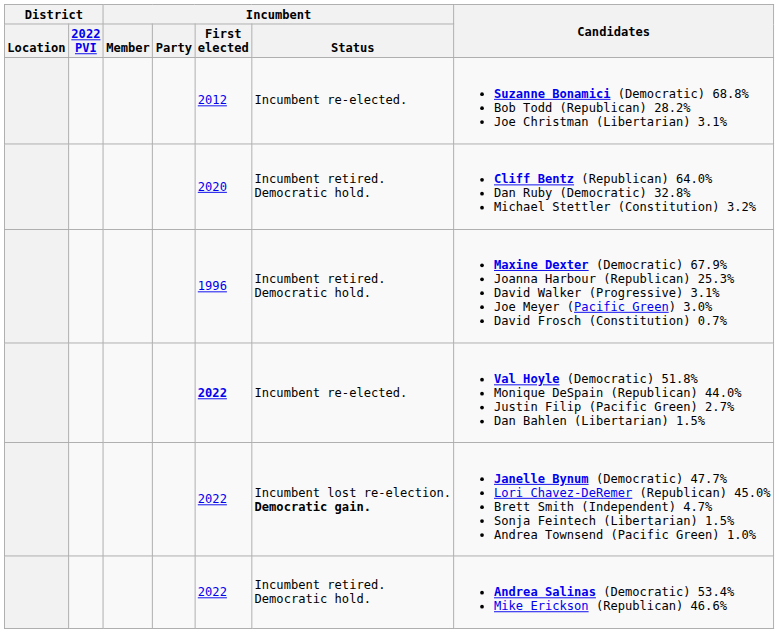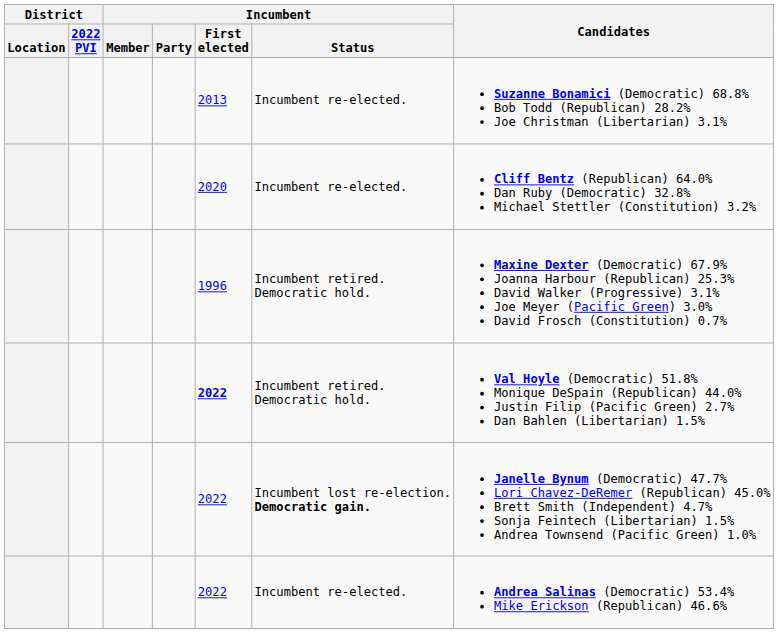 <table class="wikitable sortable">
 <tr>
 <th colspan=2>District</th>
 <th colspan=4>Incumbent</th>
 <th rowspan=2 class="unsortable">Candidates</th>
 </tr>
 <tr valign=bottom>
 <th>Location</th>
 <th><a href='#'>2022<br>PVI</a></th>
 <th>Member</th>
 <th>Party</th>
 <th>First<br>elected</th>
 <th>Status</th>
 </tr>
 <tr>
 <th></th>
 <td></td>
 <td></td>
 <td></td>
-<td><a href='#'>2012 </a></td>
+<td><a href='#'>2013 </a></td>
 <td>Incumbent re-elected.</td>
 <td nowrap><br><ul><li> <strong><a href='#'>Suzanne Bonamici</a></strong> (Democratic) 68.8%</li><li>Bob Todd (Republican) 28.2%</li><li>Joe Christman (Libertarian) 3.1%</li></ul></td>
 </tr>
 <tr>
 <th></th>
 <td></td>
 <td></td>
 <td></td>
 <td><a href='#'>2020</a></td>
-<td>Incumbent retired.<br>Democratic hold.</td>
+<td>Incumbent re-elected.</td>
 <td nowrap><br><ul><li> <strong><a href='#'>Cliff Bentz</a></strong> (Republican) 64.0%</li><li>Dan Ruby (Democratic) 32.8%</li><li>Michael Stettler (Constitution) 3.2%</li></ul></td>
 </tr>
 <tr>
 <th></th>
 <td></td>
 <td></td>
 <td></td>
 <td><a href='#'>1996 </a></td>
 <td>Incumbent retired.<br>Democratic hold.</td>
 <td nowrap><br><ul><li> <strong><a href='#'>Maxine Dexter</a></strong> (Democratic) 67.9%</li><li>Joanna Harbour (Republican) 25.3%</li><li>David Walker (Progressive) 3.1%</li><li>Joe Meyer (<a href='#'>Pacific Green</a>) 3.0%</li><li>David Frosch (Constitution) 0.7%</li></ul></td>
 </tr>
 <tr>
 <th></th>
 <td></td>
 <td></td>
 <td></td>
 <td><strong><a href='#'>2022</a></strong></td>
-<td>Incumbent re-elected.</td>
+<td>Incumbent retired.<br>Democratic hold.</td>
 <td nowrap><br><ul><li> <strong><a href='#'>Val Hoyle</a></strong> (Democratic) 51.8%</li><li>Monique DeSpain (Republican) 44.0%</li><li>Justin Filip (Pacific Green) 2.7%</li><li>Dan Bahlen (Libertarian) 1.5%</li></ul></td>
 </tr>
 <tr>
 <th></th>
 <td></td>
 <td></td>
 <td></td>
 <td><a href='#'>2022</a></td>
 <td>Incumbent lost re-election.<br><strong>Democratic gain.</strong></td>
 <td nowrap><br><ul><li> <strong><a href='#'>Janelle Bynum</a></strong> (Democratic) 47.7%</li><li><a href='#'>Lori Chavez-DeRemer</a> (Republican) 45.0%</li><li>Brett Smith (Independent) 4.7%</li><li>Sonja Feintech (Libertarian) 1.5%</li><li>Andrea Townsend (Pacific Green) 1.0%</li></ul></td>
 </tr>
 <tr>
 <th></th>
 <td></td>
 <td></td>
 <td></td>
 <td><a href='#'>2022</a></td>
-<td>Incumbent retired.<br>Democratic hold.</td>
+<td>Incumbent re-elected.</td>
 <td nowrap><br><ul><li> <strong><a href='#'>Andrea Salinas</a></strong> (Democratic) 53.4%</li><li><a href='#'>Mike Erickson</a> (Republican) 46.6%</li></ul></td>
 </tr>
 </table>
